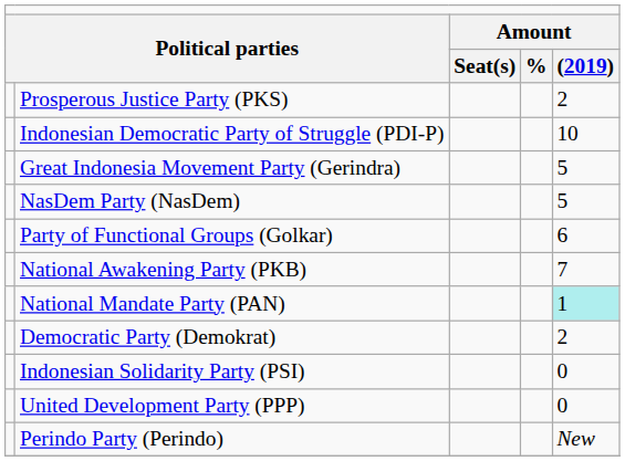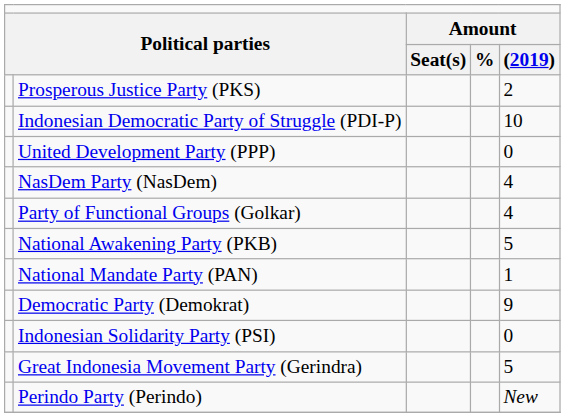 <table class="wikitable">
 <tr>
 <td colspan="5"></td>
 </tr>
 <tr>
 <th colspan="2" rowspan="2">Political parties</th>
 <th colspan="3">Amount</th>
 </tr>
 <tr>
 <th>Seat(s)</th>
 <th>%</th>
 <th>  (<a href='#'>2019</a>)</th>
 </tr>
 <tr>
 <td></td>
 <td><a href='#'>Prosperous Justice Party</a> (PKS)</td>
 <td></td>
 <td></td>
 <td> 2</td>
 </tr>
 <tr>
 <td></td>
 <td><a href='#'>Indonesian Democratic Party of Struggle</a> (PDI-P)</td>
 <td></td>
 <td></td>
 <td> 10</td>
 </tr>
 <tr>
 <td></td>
-<td><a href='#'>Great Indonesia Movement Party</a> (Gerindra)</td>
+<td><a href='#'>United Development Party</a> (PPP)</td>
+<td></td>
+<td></td>
+<td> 0</td>
+</tr>
+<tr>
+<td></td>
+<td><a href='#'>NasDem Party</a> (NasDem)</td>
+<td></td>
+<td></td>
+<td> 4</td>
+</tr>
+<tr>
+<td></td>
+<td><a href='#'>Party of Functional Groups</a> (Golkar)</td>
+<td></td>
+<td></td>
+<td> 4</td>
+</tr>
+<tr>
+<td></td>
+<td><a href='#'>National Awakening Party</a> (PKB)</td>
 <td></td>
 <td></td>
 <td> 5</td>
 </tr>
 <tr>
 <td></td>
-<td><a href='#'>NasDem Party</a> (NasDem)</td>
-<td></td>
-<td></td>
-<td> 5</td>
-</tr>
-<tr>
-<td></td>
-<td><a href='#'>Party of Functional Groups</a> (Golkar)</td>
-<td></td>
-<td></td>
-<td> 6</td>
-</tr>
-<tr>
-<td></td>
-<td><a href='#'>National Awakening Party</a> (PKB)</td>
-<td></td>
-<td></td>
-<td> 7</td>
-</tr>
-<tr>
-<td></td>
 <td><a href='#'>National Mandate Party</a> (PAN)</td>
 <td></td>
 <td></td>
-<td style="background: paleturquoise;"> 1</td>
+<td> 1</td>
 </tr>
 <tr>
 <td></td>
 <td><a href='#'>Democratic Party</a> (Demokrat)</td>
 <td></td>
 <td></td>
-<td> 2</td>
+<td> 9</td>
 </tr>
 <tr>
 <td></td>
 <td><a href='#'>Indonesian Solidarity Party</a> (PSI)</td>
 <td></td>
 <td></td>
 <td> 0</td>
 </tr>
 <tr>
 <td></td>
-<td><a href='#'>United Development Party</a> (PPP)</td>
+<td><a href='#'>Great Indonesia Movement Party</a> (Gerindra)</td>
 <td></td>
 <td></td>
-<td> 0</td>
+<td> 5</td>
 </tr>
 <tr>
 <td bgcolor=></td>
 <td><a href='#'>Perindo Party</a> (Perindo)</td>
 <td></td>
 <td></td>
 <td><em>New</em></td>
 </tr>
 <tr>
 </tr>
 </table>
